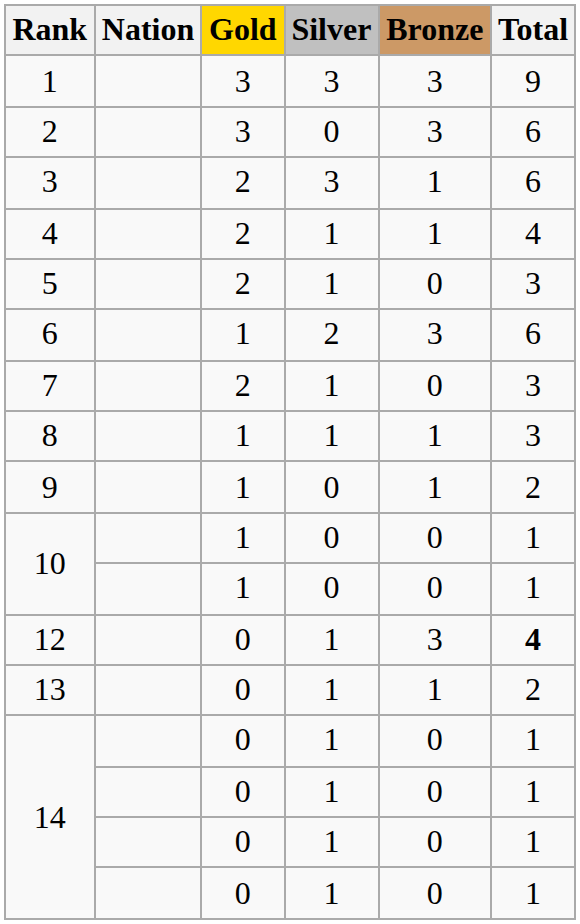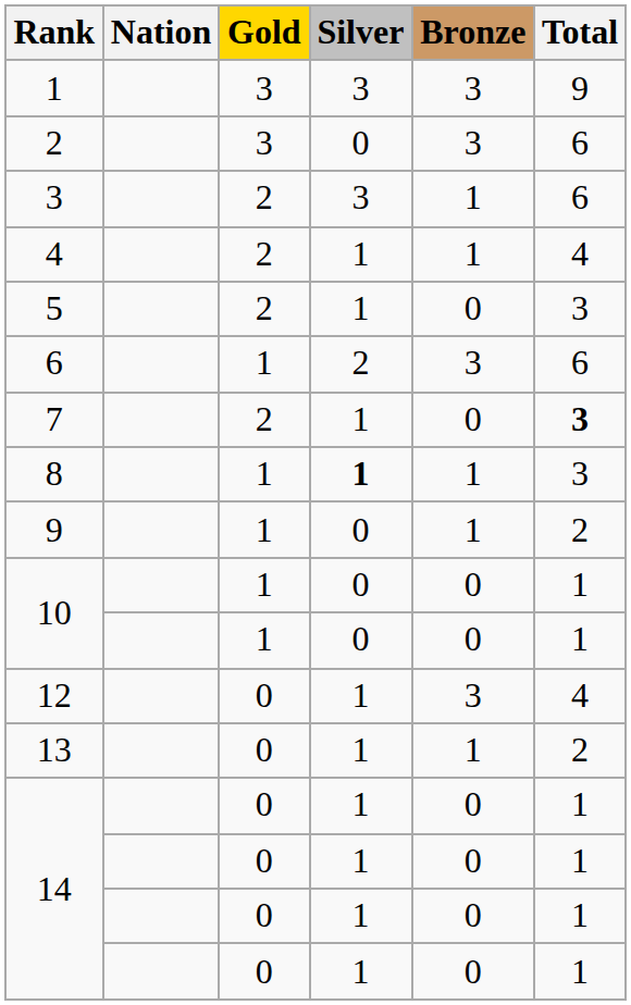 <table class="wikitable sortable" style="text-align:center">
 <tr>
 <th>Rank</th>
 <th>Nation</th>
 <th style="background-color:gold">Gold</th>
 <th style="background-color:silver">Silver</th>
 <th style="background-color:#cc9966">Bronze</th>
 <th>Total</th>
 </tr>
 <tr>
 <td>1</td>
 <td align=left></td>
 <td>3</td>
 <td>3</td>
 <td>3</td>
 <td>9</td>
 </tr>
 <tr>
 <td>2</td>
 <td align=left></td>
 <td>3</td>
 <td>0</td>
 <td>3</td>
 <td>6</td>
 </tr>
 <tr>
 <td>3</td>
 <td align=left></td>
 <td>2</td>
 <td>3</td>
 <td>1</td>
 <td>6</td>
 </tr>
 <tr>
 <td>4</td>
 <td align=left></td>
 <td>2</td>
 <td>1</td>
 <td>1</td>
 <td>4</td>
 </tr>
 <tr>
 <td>5</td>
 <td align=left></td>
 <td>2</td>
 <td>1</td>
 <td>0</td>
 <td>3</td>
 </tr>
 <tr>
 <td>6</td>
 <td align=left></td>
 <td>1</td>
 <td>2</td>
 <td>3</td>
 <td>6</td>
 </tr>
 <tr>
 <td>7</td>
 <td align=left></td>
 <td>2</td>
 <td>1</td>
 <td>0</td>
-<td>3</td>
+<td><strong>3</strong></td>
 </tr>
 <tr>
 <td>8</td>
 <td align=left></td>
 <td>1</td>
-<td>1</td>
+<td><strong>1</strong></td>
 <td>1</td>
 <td>3</td>
 </tr>
 <tr>
 <td>9</td>
 <td align=left></td>
 <td>1</td>
 <td>0</td>
 <td>1</td>
 <td>2</td>
 </tr>
 <tr>
 <td rowspan=2>10</td>
 <td align=left></td>
 <td>1</td>
 <td>0</td>
 <td>0</td>
 <td>1</td>
 </tr>
 <tr>
 <td align=left></td>
 <td>1</td>
 <td>0</td>
 <td>0</td>
 <td>1</td>
 </tr>
 <tr>
 <td>12</td>
 <td align=left></td>
 <td>0</td>
 <td>1</td>
 <td>3</td>
-<td><strong>4</strong></td>
+<td>4</td>
 </tr>
 <tr>
 <td>13</td>
 <td align=left></td>
 <td>0</td>
 <td>1</td>
 <td>1</td>
 <td>2</td>
 </tr>
 <tr>
 <td rowspan=4>14</td>
 <td align=left></td>
 <td>0</td>
 <td>1</td>
 <td>0</td>
 <td>1</td>
 </tr>
 <tr>
 <td align=left></td>
 <td>0</td>
 <td>1</td>
 <td>0</td>
 <td>1</td>
 </tr>
 <tr>
 <td align=left></td>
 <td>0</td>
 <td>1</td>
 <td>0</td>
 <td>1</td>
 </tr>
 <tr>
 <td align=left></td>
 <td>0</td>
 <td>1</td>
 <td>0</td>
 <td>1</td>
 </tr>
 <tr>
 </tr>
 </table>
